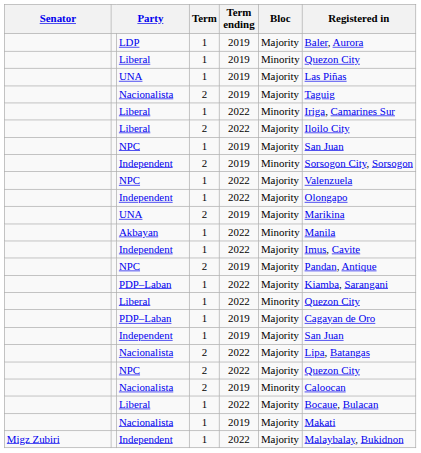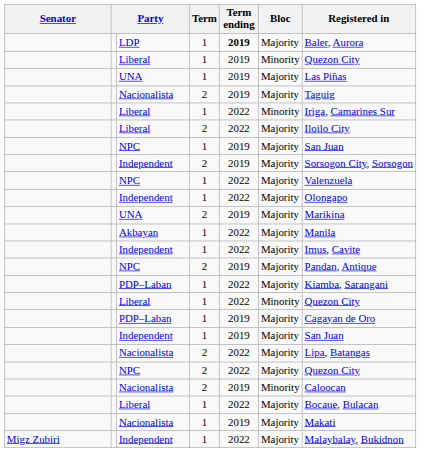 <table class="wikitable sortable">
 <tr>
 <th width="150px"><a href='#'>Senator</a></th>
 <th colspan="2"><a href='#'>Party</a></th>
 <th>Term</th>
 <th width="50px">Term ending</th>
 <th>Bloc</th>
 <th>Registered in</th>
 </tr>
 <tr>
 <td></td>
 <td></td>
 <td width="100px"><a href='#'>LDP</a></td>
 <td align="center">1</td>
-<td align="center">2019</td>
+<td align="center"><strong>2019</strong></td>
 <td>Majority</td>
 <td><a href='#'>Baler</a>, <a href='#'>Aurora</a></td>
 </tr>
 <tr>
 <td></td>
 <td></td>
 <td><a href='#'>Liberal</a></td>
 <td align="center">1</td>
 <td align="center">2019</td>
 <td>Minority</td>
 <td><a href='#'>Quezon City</a></td>
 </tr>
 <tr>
 <td></td>
 <td></td>
 <td><a href='#'>UNA</a></td>
 <td align="center">1</td>
 <td align="center">2019</td>
 <td>Majority</td>
 <td><a href='#'>Las Piñas</a></td>
 </tr>
 <tr>
 <td></td>
 <td></td>
 <td><a href='#'>Nacionalista</a></td>
 <td align="center">2</td>
 <td align="center">2019</td>
 <td>Majority</td>
 <td><a href='#'>Taguig</a></td>
 </tr>
 <tr>
 <td></td>
 <td></td>
 <td><a href='#'>Liberal</a></td>
 <td align="center">1</td>
 <td align="center">2022</td>
 <td>Minority</td>
 <td><a href='#'>Iriga</a>, <a href='#'>Camarines Sur</a></td>
 </tr>
 <tr>
 <td></td>
 <td></td>
 <td><a href='#'>Liberal</a></td>
 <td align="center">2</td>
 <td align="center">2022</td>
 <td>Majority</td>
 <td><a href='#'>Iloilo City</a></td>
 </tr>
 <tr>
 <td></td>
 <td></td>
 <td><a href='#'>NPC</a></td>
 <td align="center">1</td>
 <td align="center">2019</td>
 <td>Majority</td>
 <td><a href='#'>San Juan</a></td>
 </tr>
 <tr>
 <td></td>
 <td></td>
 <td><a href='#'>Independent</a></td>
 <td align="center">2</td>
 <td align="center">2019</td>
-<td>Minority</td>
+<td>Majority</td>
 <td><a href='#'>Sorsogon City</a>, <a href='#'>Sorsogon</a></td>
 </tr>
 <tr>
 <td></td>
 <td></td>
 <td><a href='#'>NPC</a></td>
 <td align="center">1</td>
 <td align="center">2022</td>
 <td>Majority</td>
 <td><a href='#'>Valenzuela</a></td>
 </tr>
 <tr>
 <td></td>
 <td></td>
 <td><a href='#'>Independent</a></td>
 <td align="center">1</td>
 <td align="center">2022</td>
 <td>Majority</td>
 <td><a href='#'>Olongapo</a></td>
 </tr>
 <tr>
 <td></td>
 <td></td>
 <td><a href='#'>UNA</a></td>
 <td align="center">2</td>
 <td align="center">2019</td>
 <td>Majority</td>
 <td><a href='#'>Marikina</a></td>
 </tr>
 <tr>
 <td></td>
 <td></td>
 <td><a href='#'>Akbayan</a></td>
 <td align="center">1</td>
 <td align="center">2022</td>
-<td>Minority</td>
+<td>Majority</td>
 <td><a href='#'>Manila</a></td>
 </tr>
 <tr>
 <td></td>
 <td></td>
 <td><a href='#'>Independent</a></td>
 <td align="center">1</td>
 <td align="center">2022</td>
 <td>Majority</td>
 <td><a href='#'>Imus</a>, <a href='#'>Cavite</a></td>
 </tr>
 <tr>
 <td></td>
 <td></td>
 <td><a href='#'>NPC</a></td>
 <td align="center">2</td>
 <td align="center">2019</td>
 <td>Majority</td>
 <td><a href='#'>Pandan</a>, <a href='#'>Antique</a></td>
 </tr>
 <tr>
 <td></td>
 <td></td>
 <td><a href='#'>PDP–Laban</a></td>
 <td align="center">1</td>
 <td align="center">2022</td>
 <td>Majority</td>
 <td><a href='#'>Kiamba</a>, <a href='#'>Sarangani</a></td>
 </tr>
 <tr>
 <td></td>
 <td></td>
 <td><a href='#'>Liberal</a></td>
 <td align="center">1</td>
 <td align="center">2022</td>
 <td>Minority</td>
 <td><a href='#'>Quezon City</a></td>
 </tr>
 <tr>
 <td></td>
 <td></td>
 <td><a href='#'>PDP–Laban</a></td>
 <td align="center">1</td>
 <td align="center">2019</td>
 <td>Majority</td>
 <td><a href='#'>Cagayan de Oro</a></td>
 </tr>
 <tr>
 <td></td>
 <td></td>
 <td><a href='#'>Independent</a></td>
 <td align="center">1</td>
 <td align="center">2019</td>
 <td>Majority</td>
 <td><a href='#'>San Juan</a></td>
 </tr>
 <tr>
 <td></td>
 <td></td>
 <td><a href='#'>Nacionalista</a></td>
 <td align="center">2</td>
 <td align="center">2022</td>
 <td>Majority</td>
 <td><a href='#'>Lipa</a>, <a href='#'>Batangas</a></td>
 </tr>
 <tr>
 <td></td>
 <td></td>
 <td><a href='#'>NPC</a></td>
 <td align="center">2</td>
 <td align="center">2022</td>
 <td>Majority</td>
 <td><a href='#'>Quezon City</a></td>
 </tr>
 <tr>
 <td></td>
 <td></td>
 <td><a href='#'>Nacionalista</a></td>
 <td align="center">2</td>
 <td align="center">2019</td>
 <td>Minority</td>
 <td><a href='#'>Caloocan</a></td>
 </tr>
 <tr>
 <td></td>
 <td></td>
 <td><a href='#'>Liberal</a></td>
 <td align="center">1</td>
 <td align="center">2022</td>
 <td>Majority</td>
 <td><a href='#'>Bocaue</a>, <a href='#'>Bulacan</a></td>
 </tr>
 <tr>
 <td></td>
 <td></td>
 <td><a href='#'>Nacionalista</a></td>
 <td align="center">1</td>
 <td align="center">2019</td>
 <td>Majority</td>
 <td><a href='#'>Makati</a></td>
 </tr>
 <tr>
 <td><a href='#'>Migz Zubiri</a></td>
 <td></td>
 <td><a href='#'>Independent</a></td>
 <td align="center">1</td>
 <td align="center">2022</td>
 <td>Majority</td>
 <td><a href='#'>Malaybalay</a>, <a href='#'>Bukidnon</a></td>
 </tr>
 </table>
